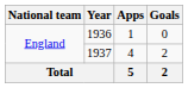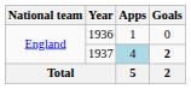 <table class=wikitable style="text-align: center">
 <tr>
 <th>National team</th>
 <th>Year</th>
 <th>Apps</th>
 <th>Goals</th>
 </tr>
 <tr>
 <td rowspan=2><a href='#'>England</a></td>
 <td>1936</td>
 <td>1</td>
 <td>0</td>
 </tr>
 <tr>
 <td>1937</td>
-<td>4</td>
-<td>2</td>
+<td style="background: lightblue;">4</td>
+<td><strong>2</strong></td>
 </tr>
 <tr>
 <th colspan=2>Total</th>
 <th>5</th>
 <th>2</th>
 </tr>
 </table>
